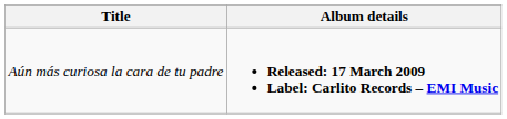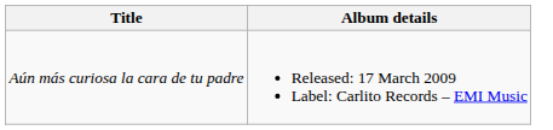 <table class="wikitable">
 <tr>
 <th>Title</th>
 <th>Album details</th>
 </tr>
 <tr>
 <td><em>Aún más curiosa la cara de tu padre</em></td>
-<td><strong><br><ul><li>Released: 17 March 2009</li><li>Label: Carlito Records – <a href='#'>EMI Music</a></li></ul></strong></td>
+<td><br><ul><li>Released: 17 March 2009</li><li>Label: Carlito Records – <a href='#'>EMI Music</a></li></ul></td>
 </tr>
 </table>
